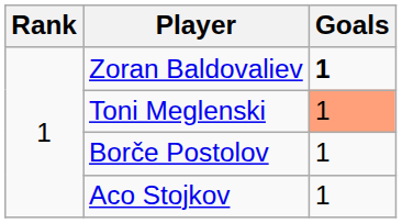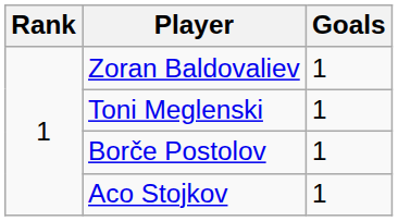 <table class="wikitable">
 <tr>
 <th>Rank</th>
 <th>Player</th>
 <th>Goals</th>
 </tr>
 <tr>
 <td align=center rowspan=4>1</td>
 <td><a href='#'>Zoran Baldovaliev</a></td>
-<td><strong>1</strong></td>
+<td>1</td>
 </tr>
 <tr>
 <td><a href='#'>Toni Meglenski</a></td>
-<td style="background: lightsalmon;">1</td>
+<td>1</td>
 </tr>
 <tr>
 <td><a href='#'>Borče Postolov</a></td>
 <td>1</td>
 </tr>
 <tr>
 <td><a href='#'>Aco Stojkov</a></td>
 <td>1</td>
 </tr>
 </table>
